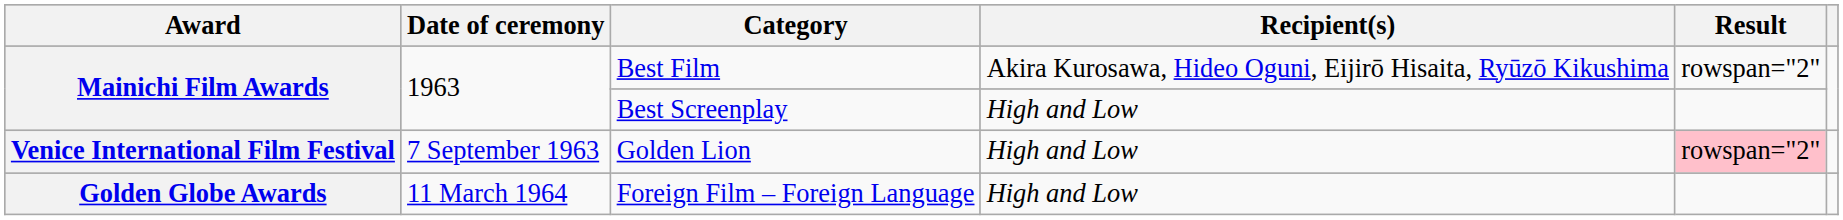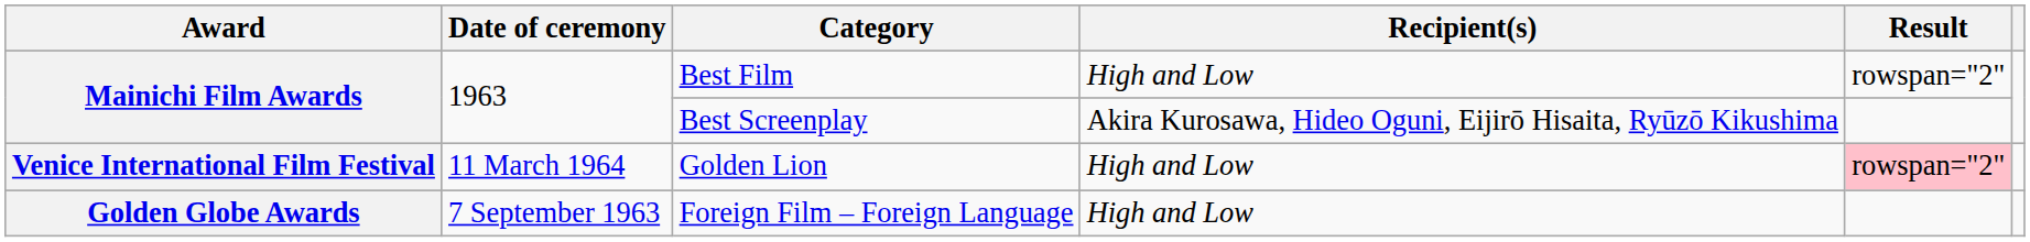 <table class="wikitable sortable plainrowheaders">
 <tr>
 <th scope="col">Award</th>
 <th scope="col">Date of ceremony</th>
 <th scope="col">Category</th>
 <th scope="col">Recipient(s)</th>
 <th scope="col">Result</th>
 <th></th>
 </tr>
 <tr>
 <th rowspan="2" scope="row" style="text-align:center;"><strong><a href='#'>Mainichi Film Awards</a></strong></th>
 <td rowspan="2">1963</td>
 <td><a href='#'>Best Film</a></td>
-<td>Akira Kurosawa, <a href='#'>Hideo Oguni</a>, Eijirō Hisaita, <a href='#'>Ryūzō Kikushima</a></td>
+<td><em>High and Low</em></td>
 <td>rowspan="2" </td>
 <td rowspan="2"></td>
 </tr>
 <tr>
 <td><a href='#'>Best Screenplay</a></td>
-<td><em>High and Low</em></td>
+<td>Akira Kurosawa, <a href='#'>Hideo Oguni</a>, Eijirō Hisaita, <a href='#'>Ryūzō Kikushima</a></td>
 </tr>
 <tr>
 <th scope="row" style="text-align:center;"><strong><a href='#'>Venice International Film Festival</a></strong></th>
-<td><a href='#'>7 September 1963</a></td>
+<td><a href='#'>11 March 1964</a></td>
 <td><a href='#'>Golden Lion</a></td>
 <td><em>High and Low</em></td>
 <td style="background: pink;">rowspan="2" </td>
 <td></td>
 </tr>
 <tr>
 <th scope="row" style="text-align:center;"><strong><a href='#'>Golden Globe Awards</a></strong></th>
-<td><a href='#'>11 March 1964</a></td>
+<td><a href='#'>7 September 1963</a></td>
 <td><a href='#'>Foreign Film – Foreign Language</a></td>
 <td><em>High and Low</em></td>
 <td></td>
 </tr>
 </table>
